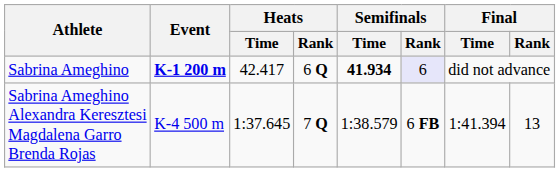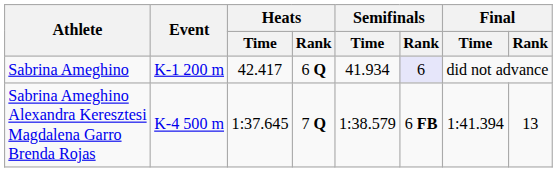 <table class=wikitable style="font-size:90%">
 <tr>
 <th rowspan="2">Athlete</th>
 <th rowspan="2">Event</th>
 <th colspan=2>Heats</th>
 <th colspan=2>Semifinals</th>
 <th colspan=2>Final</th>
 </tr>
 <tr style="font-size:95%">
 <th>Time</th>
 <th>Rank</th>
 <th>Time</th>
 <th>Rank</th>
 <th>Time</th>
 <th>Rank</th>
 </tr>
 <tr align=center>
 <td align=left><a href='#'>Sabrina Ameghino</a></td>
-<td align=left><strong><a href='#'>K-1 200 m</a></strong></td>
+<td align=left><a href='#'>K-1 200 m</a></td>
 <td>42.417</td>
 <td>6 <strong>Q</strong></td>
-<td><strong>41.934</strong></td>
+<td>41.934</td>
 <td style="background: lavender;">6</td>
 <td colspan=2>did not advance</td>
 </tr>
 <tr align=center>
 <td align=left><a href='#'>Sabrina Ameghino</a><br><a href='#'>Alexandra Keresztesi</a><br><a href='#'>Magdalena Garro</a><br><a href='#'>Brenda Rojas</a></td>
 <td align=left><a href='#'>K-4 500 m</a></td>
 <td>1:37.645</td>
 <td>7 <strong>Q</strong></td>
 <td>1:38.579</td>
 <td>6 <strong>FB</strong></td>
 <td>1:41.394</td>
 <td>13</td>
 </tr>
 </table>
